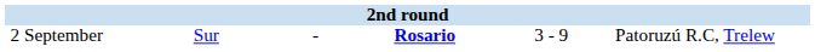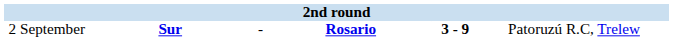 <table border=0 cellspacing=0 cellpadding=0 style="border-collapse: collapse;" width=700>
 <tr bgcolor="#CADFF0">
 <td style="font-size:100%"; align="center" colspan="6"><strong>2nd round</strong></td>
 </tr>
 <tr align=center bgcolor=#FFFFFF>
 <td width=90>2 September</td>
-<td width=170><a href='#'>Sur</a></td>
+<td width=170><strong><a href='#'>Sur</a></strong></td>
 <td width=20>-</td>
 <td width=170><strong><a href='#'>Rosario</a></strong></td>
-<td width=50>3 - 9</td>
+<td width=50><strong>3 - 9</strong></td>
 <td width=200>Patoruzú R.C, <a href='#'>Trelew</a></td>
 </tr>
 </table>
